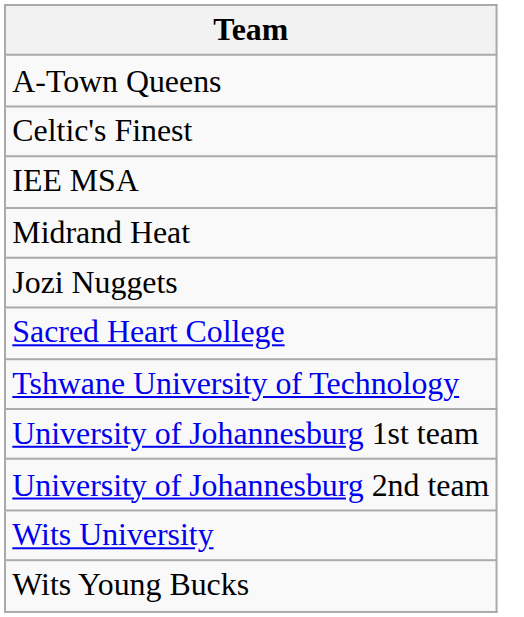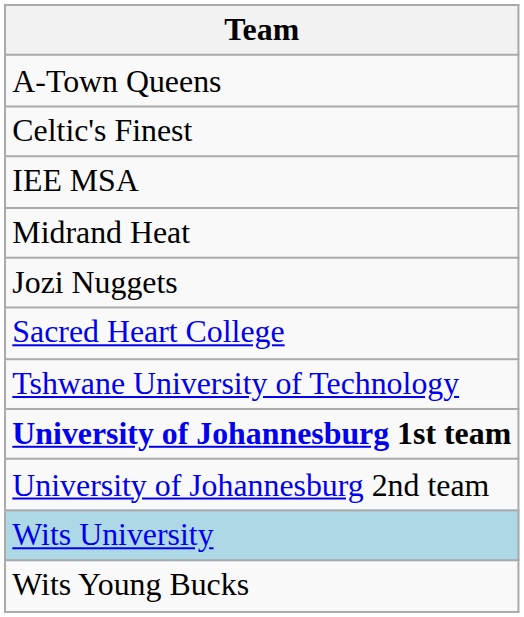 <table class="wikitable">
 <tr>
 <th>Team</th>
 </tr>
 <tr>
 <td>A-Town Queens</td>
 </tr>
 <tr>
 <td>Celtic's Finest</td>
 </tr>
 <tr>
 <td>IEE MSA</td>
 </tr>
 <tr>
 <td>Midrand Heat</td>
 </tr>
 <tr>
 <td>Jozi Nuggets</td>
 </tr>
 <tr>
 <td><a href='#'>Sacred Heart College</a></td>
 </tr>
 <tr>
 <td><a href='#'>Tshwane University of Technology</a></td>
 </tr>
 <tr>
-<td><a href='#'>University of Johannesburg</a> 1st team</td>
+<td><strong><a href='#'>University of Johannesburg</a> 1st team</strong></td>
 </tr>
 <tr>
 <td><a href='#'>University of Johannesburg</a> 2nd team</td>
 </tr>
 <tr>
-<td><a href='#'>Wits University</a></td>
+<td style="background: lightblue;"><a href='#'>Wits University</a></td>
 </tr>
 <tr>
 <td>Wits Young Bucks</td>
 </tr>
 </table>
